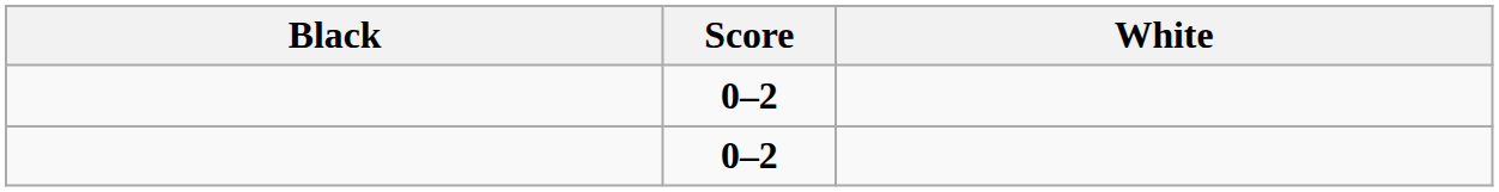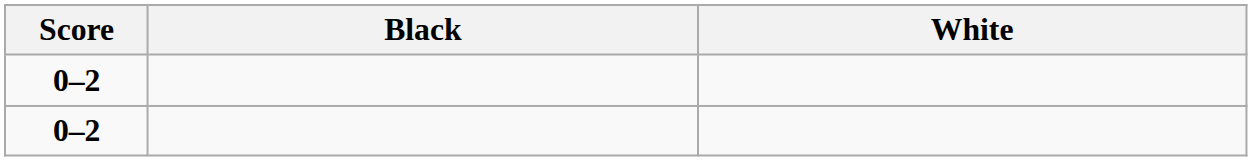 <table class="wikitable" style="text-align: center;">
 <tr>
+<th width="65">Score</th>
 <th align="right" width="270">Black</th>
-<th width="65">Score</th>
 <th align="left" width="270">White</th>
 </tr>
 <tr>
+<td align=center><strong>0–2</strong></td>
 <td align=left></td>
-<td align=center><strong>0–2</strong></td>
 <td align=left><strong></strong></td>
 </tr>
 <tr>
+<td align=center><strong>0–2</strong></td>
 <td align=left></td>
-<td align=center><strong>0–2</strong></td>
 <td align=left><strong></strong></td>
 </tr>
 </table>
